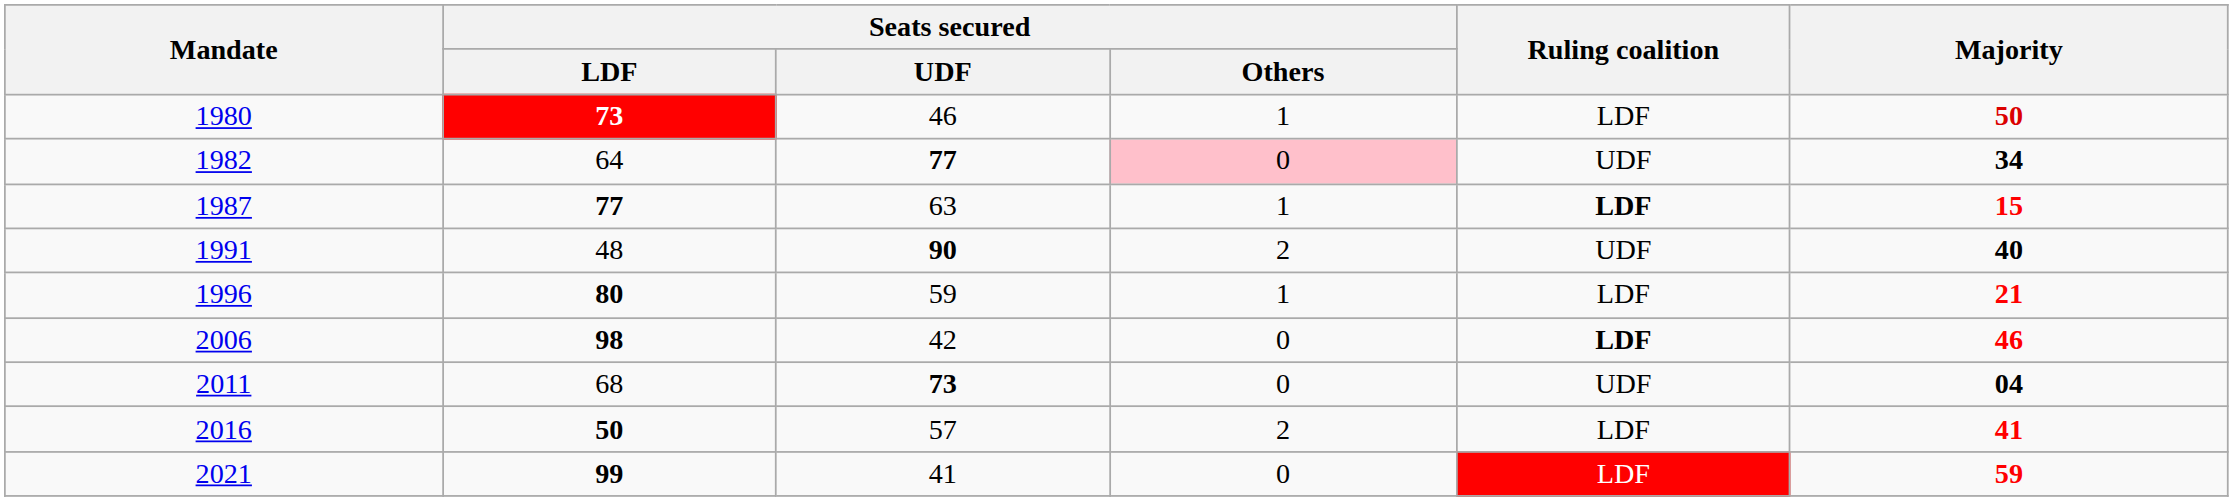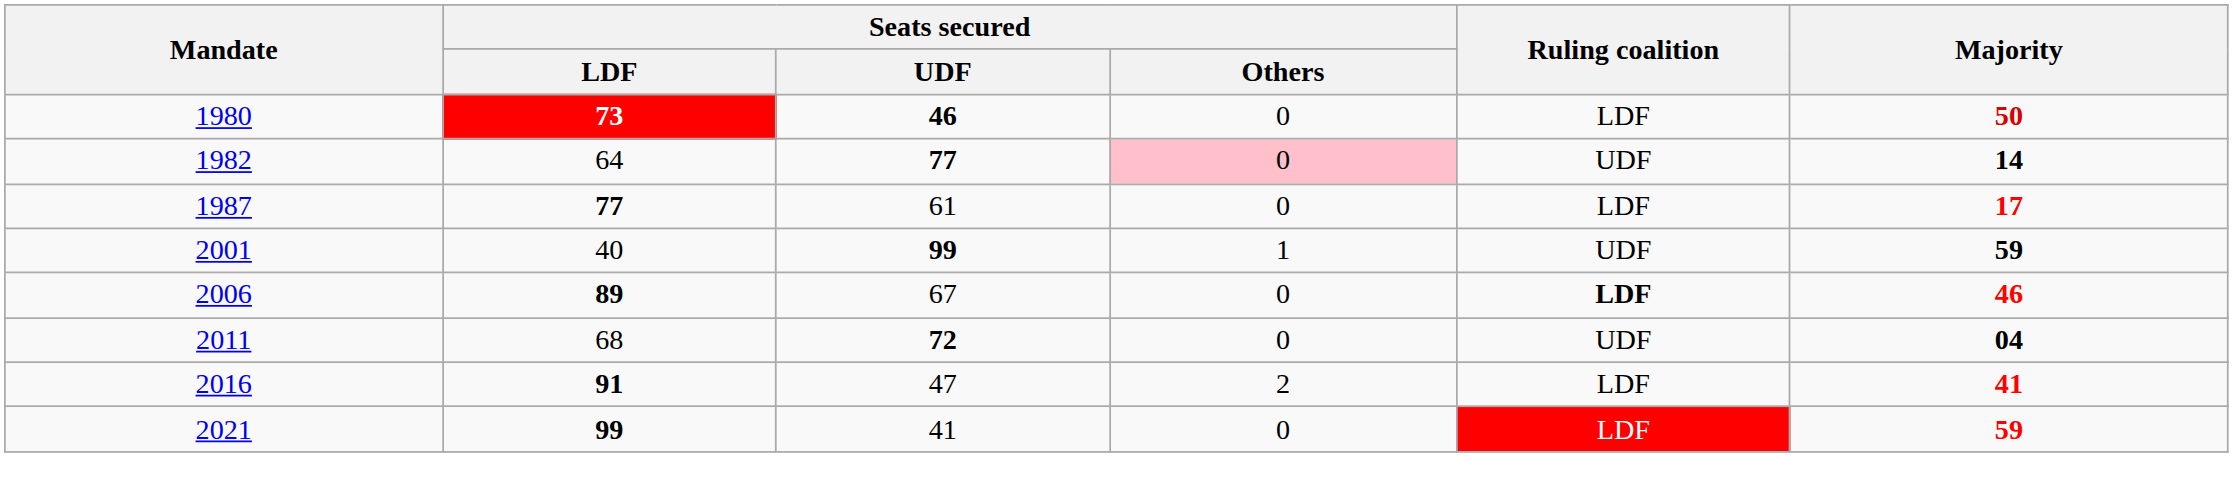 <table class="wikitable sortable" style="width:100%; text-align:center">
 <tr>
 <th rowspan="2">Mandate</th>
 <th colspan="3">Seats secured</th>
 <th rowspan="2">Ruling coalition</th>
 <th rowspan="2">Majority</th>
 </tr>
 <tr>
 <th style="width:15%;"Style="background-color:#FF0000; color:white">LDF</th>
 <th style="width:15%;" Style="background-color:">UDF</th>
 <th>Others</th>
 </tr>
 <tr>
 <td><a href='#'>1980</a></td>
 <td style="background-color:#FF0000; color:white"><strong>73</strong></td>
-<td>46</td>
-<td>1</td>
+<td><strong>46</strong></td>
+<td>0</td>
 <td style="width:15%;"Style="background-color:#FF0000; color:white">LDF</td>
 <td style="color:#DB0000;"><strong>50</strong></td>
 </tr>
 <tr>
 <td><a href='#'>1982</a></td>
 <td>64</td>
 <td style="width:15%;" Style="background-color:"><strong>77</strong></td>
 <td style="background: pink;">0</td>
 <td style="width:15%;" Style="background-color:">UDF</td>
-<td style="color:"><strong>34</strong></td>
+<td style="color:"><strong>14</strong></td>
 </tr>
 <tr>
 <td><a href='#'>1987</a></td>
 <td style="width:15%;"Style="background-color:#FF0000; color:white"><strong>77</strong></td>
-<td>63</td>
-<td>1</td>
-<td style="width:15%;"Style="background-color:#FF0000; color:white"><strong>LDF</strong></td>
-<td style="color:#FF0000;"><strong>15</strong></td>
+<td>61</td>
+<td>0</td>
+<td style="width:15%;"Style="background-color:#FF0000; color:white">LDF</td>
+<td style="color:#FF0000;"><strong>17</strong></td>
 </tr>
 <tr>
-<td><a href='#'>1991</a></td>
-<td>48</td>
-<td style="width:15%;" Style="background-color:"><strong>90</strong></td>
-<td>2</td>
+<td><a href='#'>2001</a></td>
+<td>40</td>
+<td style="width:15%;" Style="background-color:"><strong>99</strong></td>
+<td>1</td>
 <td style="width:15%;" Style="background-color:">UDF</td>
-<td style="color:"><strong>40</strong></td>
-</tr>
-<tr>
-<td><a href='#'>1996</a></td>
-<td style="width:15%;"Style="background-color:#FF0000; color:white"><strong>80</strong></td>
-<td>59</td>
-<td>1</td>
-<td style="width:15%;"Style="background-color:#FF0000; color:white">LDF</td>
-<td style="color:#FF0000;"><strong>21</strong></td>
+<td style="color:"><strong>59</strong></td>
 </tr>
 <tr>
 <td><a href='#'>2006</a></td>
-<td style="width:15%;"Style="background-color:#FF0000; color:white"><strong>98</strong></td>
-<td>42</td>
+<td style="width:15%;"Style="background-color:#FF0000; color:white"><strong>89</strong></td>
+<td>67</td>
 <td>0</td>
 <td style="width:15%;"Style="background-color:#FF0000; color:white"><strong>LDF</strong></td>
 <td style="color:#FF0000;"><strong>46</strong></td>
 </tr>
 <tr>
 <td><a href='#'>2011</a></td>
 <td>68</td>
-<td style="width:15%;" Style="background-color:"><strong>73</strong></td>
+<td style="width:15%;" Style="background-color:"><strong>72</strong></td>
 <td>0</td>
 <td style="width:15%;" Style="background-color:">UDF</td>
 <td style="color:"><strong>04</strong></td>
 </tr>
 <tr>
 <td><a href='#'>2016</a></td>
-<td style="width:15%;"Style="background-color:#FF0000; color:white"><strong>50</strong></td>
-<td>57</td>
+<td style="width:15%;"Style="background-color:#FF0000; color:white"><strong>91</strong></td>
+<td>47</td>
 <td>2</td>
 <td style="width:15%;"Style="background-color:#FF0000; color:white">LDF</td>
 <td style="color:#FF0000;"><strong>41</strong></td>
 </tr>
 <tr>
 <td><a href='#'>2021</a></td>
 <td style="width:15%;"Style="background-color:#FF0000; color:white"><strong>99</strong></td>
 <td>41</td>
 <td>0</td>
 <td style="background-color:#FF0000; color:white">LDF</td>
 <td style="color:#FF0000;"><strong>59</strong></td>
 </tr>
 </table>
